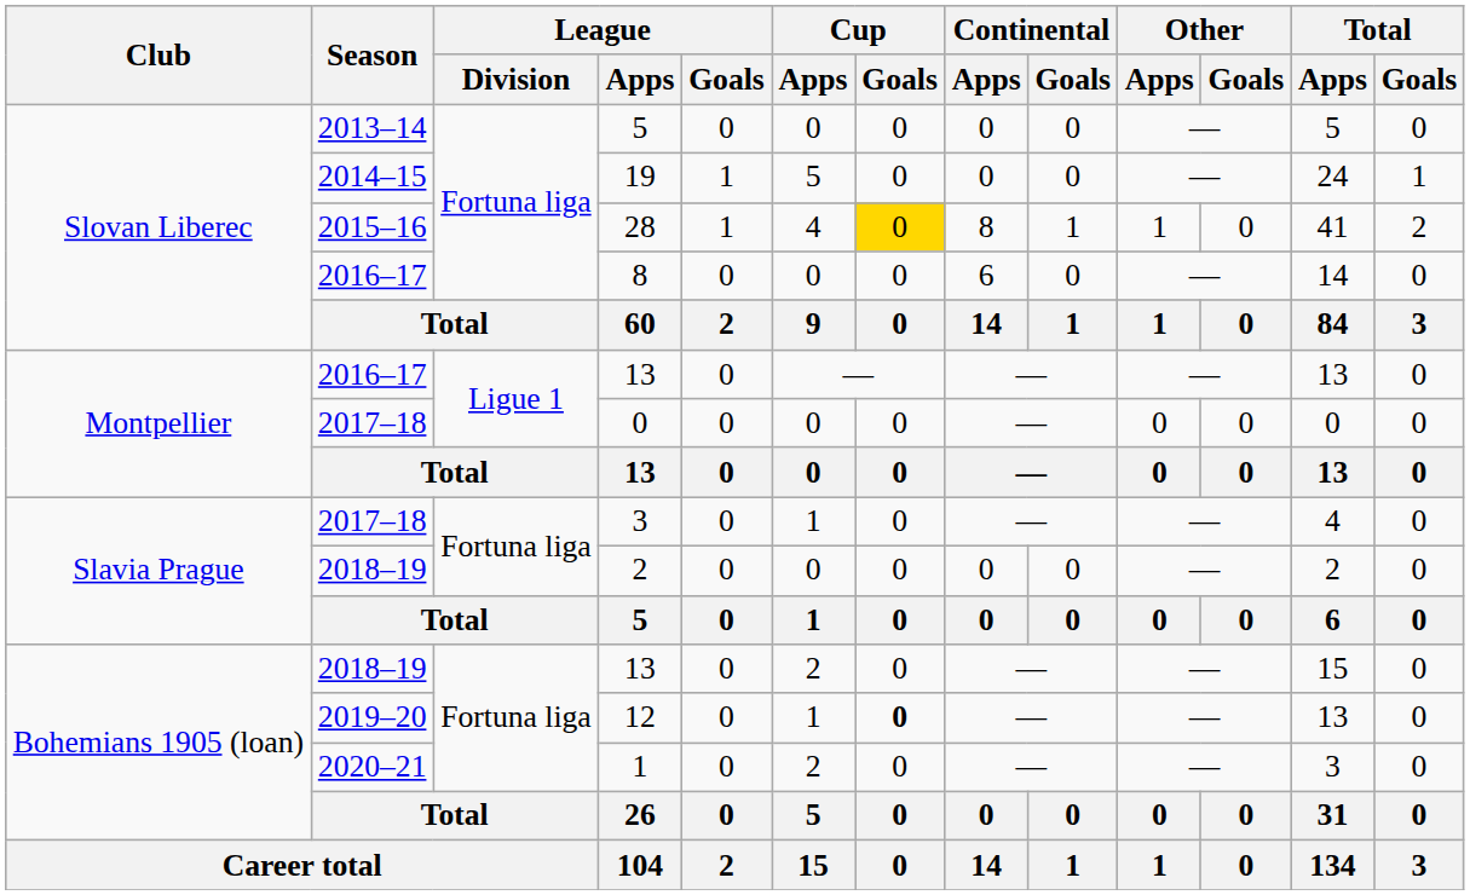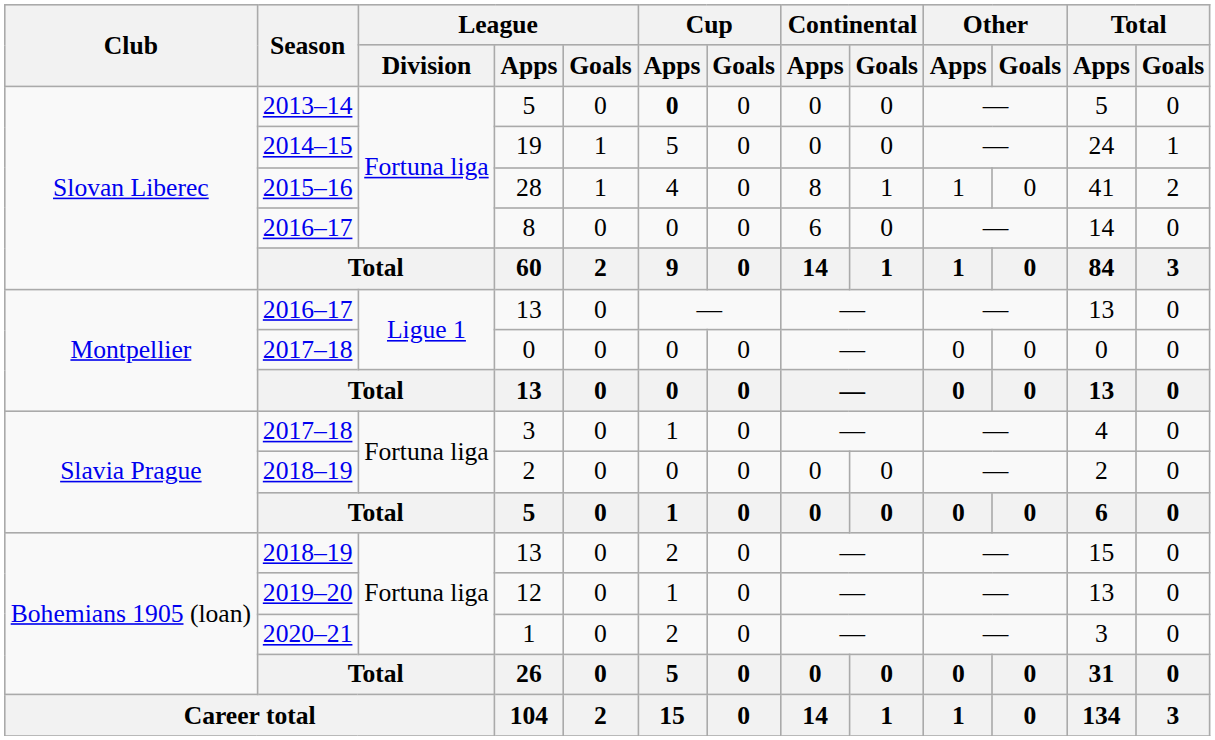 <table class="wikitable" style="text-align:center">
 <tr>
 <th rowspan="2">Club</th>
 <th rowspan="2">Season</th>
 <th colspan="3">League</th>
 <th colspan="2">Cup</th>
 <th colspan="2">Continental</th>
 <th colspan="2">Other</th>
 <th colspan="2">Total</th>
 </tr>
 <tr>
 <th>Division</th>
 <th>Apps</th>
 <th>Goals</th>
 <th>Apps</th>
 <th>Goals</th>
 <th>Apps</th>
 <th>Goals</th>
 <th>Apps</th>
 <th>Goals</th>
 <th>Apps</th>
 <th>Goals</th>
 </tr>
 <tr>
 <td rowspan="5"><a href='#'>Slovan Liberec</a></td>
 <td><a href='#'>2013–14</a></td>
 <td rowspan="4"><a href='#'>Fortuna liga</a></td>
 <td>5</td>
 <td>0</td>
-<td>0</td>
+<td><strong>0</strong></td>
 <td>0</td>
 <td>0</td>
 <td>0</td>
 <td colspan="2">—</td>
 <td>5</td>
 <td>0</td>
 </tr>
 <tr>
 <td><a href='#'>2014–15</a></td>
 <td>19</td>
 <td>1</td>
 <td>5</td>
 <td>0</td>
 <td>0</td>
 <td>0</td>
 <td colspan="2">—</td>
 <td>24</td>
 <td>1</td>
 </tr>
 <tr>
 <td><a href='#'>2015–16</a></td>
 <td>28</td>
 <td>1</td>
 <td>4</td>
-<td style="background: gold;">0</td>
+<td>0</td>
 <td>8</td>
 <td>1</td>
 <td>1</td>
 <td>0</td>
 <td>41</td>
 <td>2</td>
 </tr>
 <tr>
 <td><a href='#'>2016–17</a></td>
 <td>8</td>
 <td>0</td>
 <td>0</td>
 <td>0</td>
 <td>6</td>
 <td>0</td>
 <td colspan="2">—</td>
 <td>14</td>
 <td>0</td>
 </tr>
 <tr>
 <th colspan="2">Total</th>
 <th>60</th>
 <th>2</th>
 <th>9</th>
 <th>0</th>
 <th>14</th>
 <th>1</th>
 <th>1</th>
 <th>0</th>
 <th>84</th>
 <th>3</th>
 </tr>
 <tr>
 <td rowspan="3"><a href='#'>Montpellier</a></td>
 <td><a href='#'>2016–17</a></td>
 <td rowspan="2"><a href='#'>Ligue 1</a></td>
 <td>13</td>
 <td>0</td>
 <td colspan="2">—</td>
 <td colspan="2">—</td>
 <td colspan="2">—</td>
 <td>13</td>
 <td>0</td>
 </tr>
 <tr>
 <td><a href='#'>2017–18</a></td>
 <td>0</td>
 <td>0</td>
 <td>0</td>
 <td>0</td>
 <td colspan="2">—</td>
 <td>0</td>
 <td>0</td>
 <td>0</td>
 <td>0</td>
 </tr>
 <tr>
 <th colspan="2">Total</th>
 <th>13</th>
 <th>0</th>
 <th>0</th>
 <th>0</th>
 <th colspan="2">—</th>
 <th>0</th>
 <th>0</th>
 <th>13</th>
 <th>0</th>
 </tr>
 <tr>
 <td rowspan="3"><a href='#'>Slavia Prague</a></td>
 <td><a href='#'>2017–18</a></td>
 <td rowspan="2">Fortuna liga</td>
 <td>3</td>
 <td>0</td>
 <td>1</td>
 <td>0</td>
 <td colspan="2">—</td>
 <td colspan="2">—</td>
 <td>4</td>
 <td>0</td>
 </tr>
 <tr>
 <td><a href='#'>2018–19</a></td>
 <td>2</td>
 <td>0</td>
 <td>0</td>
 <td>0</td>
 <td>0</td>
 <td>0</td>
 <td colspan="2">—</td>
 <td>2</td>
 <td>0</td>
 </tr>
 <tr>
 <th colspan="2">Total</th>
 <th>5</th>
 <th>0</th>
 <th>1</th>
 <th>0</th>
 <th>0</th>
 <th>0</th>
 <th>0</th>
 <th>0</th>
 <th>6</th>
 <th>0</th>
 </tr>
 <tr>
 <td rowspan="4"><a href='#'>Bohemians 1905</a> (loan)</td>
 <td><a href='#'>2018–19</a></td>
 <td rowspan="3">Fortuna liga</td>
 <td>13</td>
 <td>0</td>
 <td>2</td>
 <td>0</td>
 <td colspan="2">—</td>
 <td colspan="2">—</td>
 <td>15</td>
 <td>0</td>
 </tr>
 <tr>
 <td><a href='#'>2019–20</a></td>
 <td>12</td>
 <td>0</td>
 <td>1</td>
-<td><strong>0</strong></td>
+<td>0</td>
 <td colspan="2">—</td>
 <td colspan="2">—</td>
 <td>13</td>
 <td>0</td>
 </tr>
 <tr>
 <td><a href='#'>2020–21</a></td>
 <td>1</td>
 <td>0</td>
 <td>2</td>
 <td>0</td>
 <td colspan="2">—</td>
 <td colspan="2">—</td>
 <td>3</td>
 <td>0</td>
 </tr>
 <tr>
 <th colspan="2">Total</th>
 <th>26</th>
 <th>0</th>
 <th>5</th>
 <th>0</th>
 <th>0</th>
 <th>0</th>
 <th>0</th>
 <th>0</th>
 <th>31</th>
 <th>0</th>
 </tr>
 <tr>
 <th colspan="3">Career total</th>
 <th>104</th>
 <th>2</th>
 <th>15</th>
 <th>0</th>
 <th>14</th>
 <th>1</th>
 <th>1</th>
 <th>0</th>
 <th>134</th>
 <th>3</th>
 </tr>
 </table>
